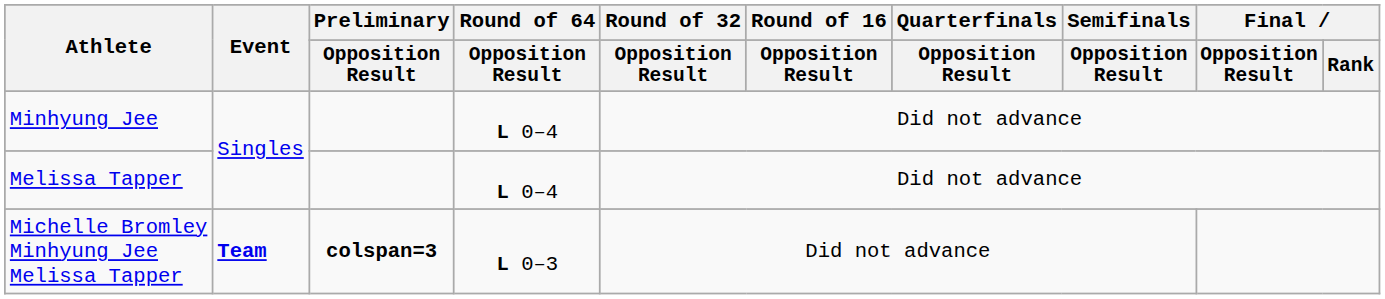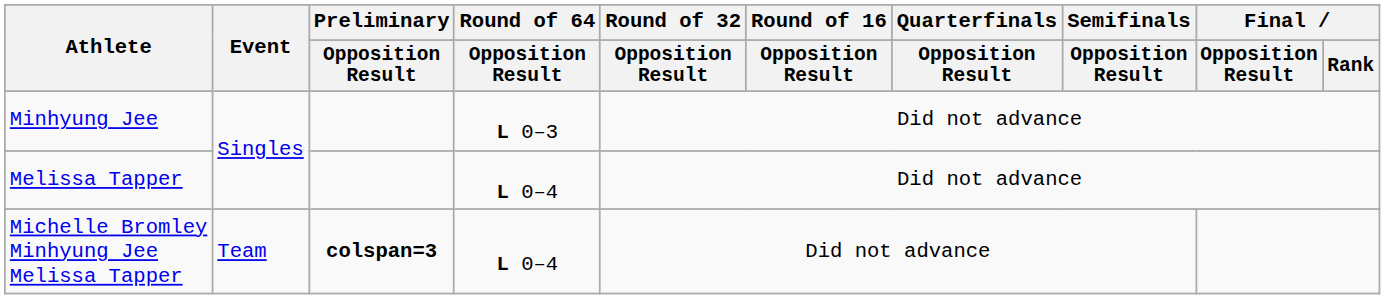 <table class=wikitable style=font-size:90%;text-align:center>
 <tr>
 <th rowspan=2>Athlete</th>
 <th rowspan=2>Event</th>
 <th>Preliminary</th>
 <th>Round of 64</th>
 <th>Round of 32</th>
 <th>Round of 16</th>
 <th>Quarterfinals</th>
 <th>Semifinals</th>
 <th colspan=2>Final / </th>
 </tr>
 <tr style=font-size:95%>
 <th>Opposition<br>Result</th>
 <th>Opposition<br>Result</th>
 <th>Opposition<br>Result</th>
 <th>Opposition<br>Result</th>
 <th>Opposition<br>Result</th>
 <th>Opposition<br>Result</th>
 <th>Opposition<br>Result</th>
 <th>Rank</th>
 </tr>
 <tr>
 <td align=left><a href='#'>Minhyung Jee</a></td>
 <td align=left rowspan=2><a href='#'>Singles</a></td>
 <td></td>
-<td><br><strong>L</strong> 0–4</td>
+<td><br><strong>L</strong> 0–3</td>
 <td colspan=6>Did not advance</td>
 </tr>
 <tr>
 <td align=left><a href='#'>Melissa Tapper</a></td>
 <td></td>
 <td><br><strong>L</strong> 0–4</td>
 <td colspan=6>Did not advance</td>
 </tr>
 <tr>
 <td align=left><a href='#'>Michelle Bromley</a><br><a href='#'>Minhyung Jee</a><br><a href='#'>Melissa Tapper</a></td>
-<td align=left><strong><a href='#'>Team</a></strong></td>
+<td align=left><a href='#'>Team</a></td>
 <td><strong>colspan=3 </strong></td>
-<td><br><strong>L</strong> 0–3</td>
+<td><br><strong>L</strong> 0–4</td>
 <td colspan=4>Did not advance</td>
 </tr>
 </table>
